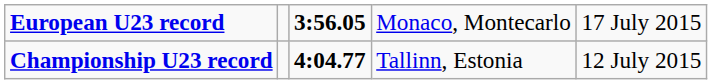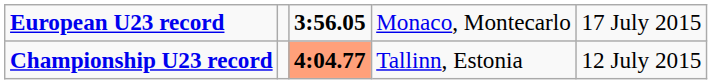 <table class="wikitable">
 <tr>
 <td><strong><a href='#'>European U23 record</a></strong></td>
 <td></td>
 <td><strong>3:56.05</strong></td>
 <td><a href='#'>Monaco</a>, Montecarlo</td>
 <td>17 July 2015</td>
 </tr>
 <tr>
 <td><strong><a href='#'>Championship U23 record</a></strong></td>
 <td></td>
-<td><strong>4:04.77</strong></td>
+<td style="background: lightsalmon;"><strong>4:04.77</strong></td>
 <td><a href='#'>Tallinn</a>, Estonia</td>
 <td>12 July 2015</td>
 </tr>
 </table>
